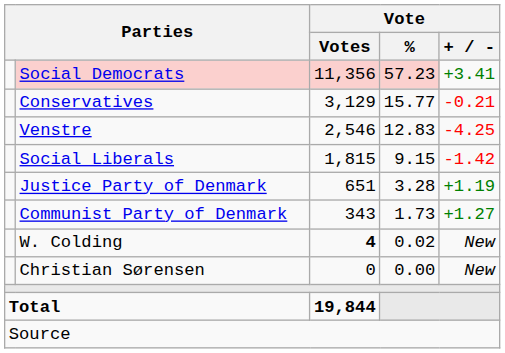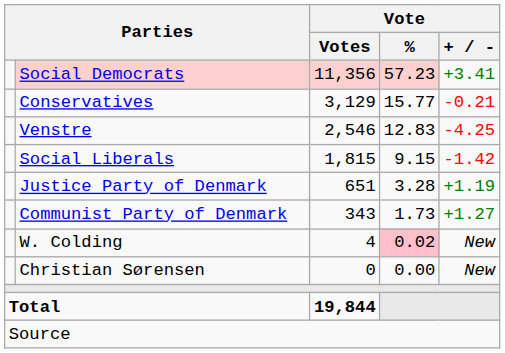 <table class="wikitable" style="text-align:right;">
 <tr>
 <th style="text-align:centre;" rowspan="2" colspan="2" width="225">Parties</th>
 <th colspan="3">Vote</th>
 </tr>
 <tr>
 <th width="15">Votes</th>
 <th width="15">%</th>
 <th width="15">+ / -</th>
 </tr>
 <tr>
 <td width="2" style="color:inherit;background:"></td>
 <td bgcolor=#fbd0ce  align="left"><a href='#'>Social Democrats</a></td>
 <td bgcolor=#fbd0ce>11,356</td>
 <td bgcolor=#fbd0ce>57.23</td>
 <td style=color:green;>+3.41</td>
 </tr>
 <tr>
 <td width="2" style="color:inherit;background:"></td>
 <td align="left"><a href='#'>Conservatives</a></td>
 <td>3,129</td>
 <td>15.77</td>
 <td style=color:red;>-0.21</td>
 </tr>
 <tr>
 <td width="2" style="color:inherit;background:"></td>
 <td align="left"><a href='#'>Venstre</a></td>
 <td>2,546</td>
 <td>12.83</td>
 <td style=color:red;>-4.25</td>
 </tr>
 <tr>
 <td width="2" style="color:inherit;background:"></td>
 <td align="left"><a href='#'>Social Liberals</a></td>
 <td>1,815</td>
 <td>9.15</td>
 <td style=color:red;>-1.42</td>
 </tr>
 <tr>
 <td width="2" style="color:inherit;background:"></td>
 <td align="left"><a href='#'>Justice Party of Denmark</a></td>
 <td>651</td>
 <td>3.28</td>
 <td style=color:green;>+1.19</td>
 </tr>
 <tr>
 <td width="2" style="color:inherit;background:"></td>
 <td align="left"><a href='#'>Communist Party of Denmark</a></td>
 <td>343</td>
 <td>1.73</td>
 <td style=color:green;>+1.27</td>
 </tr>
 <tr>
 <td width="2" style="color:inherit;background:"></td>
 <td align="left">W. Colding</td>
-<td><strong>4</strong></td>
-<td>0.02</td>
+<td>4</td>
+<td style="background: pink;">0.02</td>
 <td><em>New</em></td>
 </tr>
 <tr>
 <td width="2" style="color:inherit;background:"></td>
 <td align="left">Christian Sørensen</td>
 <td>0</td>
 <td>0.00</td>
 <td><em>New</em></td>
 </tr>
 <tr>
 <td colspan="7" bgcolor="#E9E9E9"></td>
 </tr>
 <tr>
 <td align="left" colspan="2"><strong>Total</strong></td>
 <td><strong>19,844</strong></td>
 <td bgcolor="#E9E9E9" colspan="2"></td>
 </tr>
 <tr>
 <td align="left" colspan="6">Source</td>
 </tr>
 </table>
